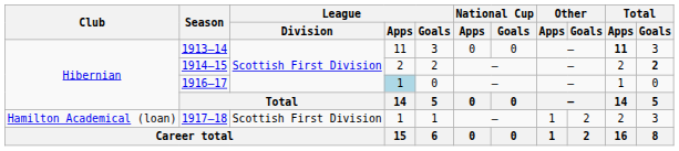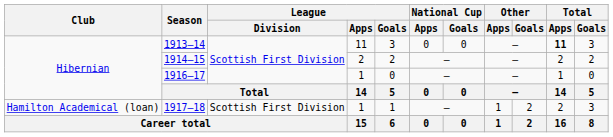 <table class="wikitable" style="text-align: center;">
 <tr>
 <th rowspan="2">Club</th>
 <th rowspan="2">Season</th>
 <th colspan="3">League</th>
 <th colspan="2">National Cup</th>
 <th colspan="2">Other</th>
 <th colspan="2">Total</th>
 </tr>
 <tr>
 <th>Division</th>
 <th>Apps</th>
 <th>Goals</th>
 <th>Apps</th>
 <th>Goals</th>
 <th>Apps</th>
 <th>Goals</th>
 <th>Apps</th>
 <th>Goals</th>
 </tr>
 <tr>
 <td rowspan="4"><a href='#'>Hibernian</a></td>
 <td><a href='#'>1913–14</a></td>
 <td rowspan="3"><a href='#'>Scottish First Division</a></td>
 <td>11</td>
 <td>3</td>
 <td>0</td>
 <td>0</td>
 <td colspan="2">—</td>
 <td><strong>11</strong></td>
 <td>3</td>
 </tr>
 <tr>
 <td><a href='#'>1914–15</a></td>
 <td>2</td>
 <td>2</td>
 <td colspan="2">—</td>
 <td colspan="2">—</td>
 <td>2</td>
-<td><strong>2</strong></td>
+<td>2</td>
 </tr>
 <tr>
 <td><a href='#'>1916–17</a></td>
-<td style="background: lightblue;">1</td>
+<td>1</td>
 <td>0</td>
 <td colspan="2">—</td>
 <td colspan="2">—</td>
 <td>1</td>
 <td>0</td>
 </tr>
 <tr>
 <th colspan="2">Total</th>
 <th>14</th>
 <th>5</th>
 <th>0</th>
 <th>0</th>
 <th colspan="2">—</th>
 <th>14</th>
 <th>5</th>
 </tr>
 <tr>
 <td><a href='#'>Hamilton Academical</a> (loan)</td>
 <td><a href='#'>1917–18</a></td>
 <td>Scottish First Division</td>
 <td>1</td>
 <td>1</td>
 <td colspan="2">—</td>
 <td>1</td>
 <td>2</td>
 <td>2</td>
 <td>3</td>
 </tr>
 <tr>
 <th colspan="3">Career total</th>
 <th>15</th>
 <th>6</th>
 <th>0</th>
 <th>0</th>
 <th>1</th>
 <th>2</th>
 <th>16</th>
 <th>8</th>
 </tr>
 </table>
